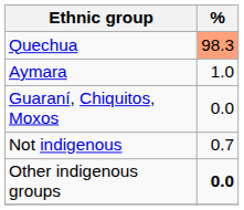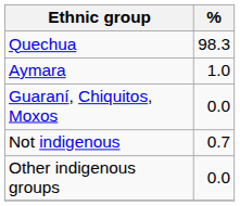 <table class="wikitable" border="1" style="width:25%;" border="1">
 <tr bgcolor=#EFEFEF>
 <th><strong>Ethnic group</strong></th>
 <th><strong>%</strong></th>
 </tr>
 <tr>
 <td><a href='#'>Quechua</a></td>
-<td align="right" style="background: lightsalmon;">98.3</td>
+<td align="right">98.3</td>
 </tr>
 <tr>
 <td><a href='#'>Aymara</a></td>
 <td align="right">1.0</td>
 </tr>
 <tr>
 <td><a href='#'>Guaraní</a>, <a href='#'>Chiquitos</a>, <a href='#'>Moxos</a></td>
 <td align="right">0.0</td>
 </tr>
 <tr>
 <td>Not <a href='#'>indigenous</a></td>
 <td align="right">0.7</td>
 </tr>
 <tr>
 <td>Other indigenous groups</td>
-<td align="right"><strong>0.0</strong></td>
+<td align="right">0.0</td>
 </tr>
 <tr>
 </tr>
 </table>
